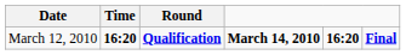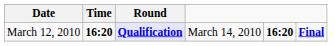 <table class="wikitable">
 <tr>
 <th>Date</th>
 <th>Time</th>
 <th>Round</th>
 </tr>
 <tr>
 <td>March 12, 2010</td>
 <td><strong>16:20</strong></td>
-<td><strong><a href='#'>Qualification</a></strong></td>
-<td><strong>March 14, 2010</strong></td>
+<td style="background: lavender;"><strong><a href='#'>Qualification</a></strong></td>
+<td>March 14, 2010</td>
 <td><strong>16:20</strong></td>
 <td><strong><a href='#'>Final</a></strong></td>
 </tr>
 </table>
